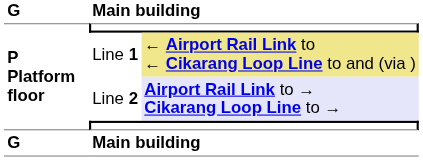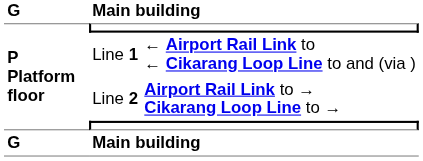 <table cellspacing=0 cellpadding=3>
 <tr>
 <td><strong>G</strong></td>
 <td colspan="2"><strong>Main building</strong></td>
 </tr>
 <tr>
 <td style="border-top:solid 1px gray; border-bottom:solid 1px gray" rowspan="4" width="75"><strong>P<br>Platform floor</strong></td>
 <td colspan="2" style="border-top:solid 1px gray;border-right:solid 2px black;border-left:solid 2px black;border-bottom:solid 2px black;text-align:center;"></td>
 </tr>
 <tr>
 <td>Line <strong>1</strong></td>
-<td style="background: khaki;">←   <strong><a href='#'>Airport Rail Link</a></strong> to <br>←   <strong><a href='#'>Cikarang Loop Line</a></strong> to  and  (via )</td>
+<td>←   <strong><a href='#'>Airport Rail Link</a></strong> to <br>←   <strong><a href='#'>Cikarang Loop Line</a></strong> to  and  (via )</td>
 </tr>
 <tr>
 <td>Line <strong>2</strong></td>
-<td style="background: lavender;"> <strong><a href='#'>Airport Rail Link</a></strong> to   →<br> <strong><a href='#'>Cikarang Loop Line</a></strong> to   →</td>
+<td> <strong><a href='#'>Airport Rail Link</a></strong> to   →<br> <strong><a href='#'>Cikarang Loop Line</a></strong> to   →</td>
 </tr>
 <tr>
 <td style="border-top:solid 2px black;border-right:solid 2px black;border-left:solid 2px black;border-bottom:solid 1px gray;text-align:center;" colspan=2></td>
 </tr>
 <tr>
 <td style="border-bottom:solid 1px gray;"><strong>G</strong></td>
 <td style="border-bottom:solid 1px gray;" colspan=2><strong>Main building</strong></td>
 </tr>
 </table>
